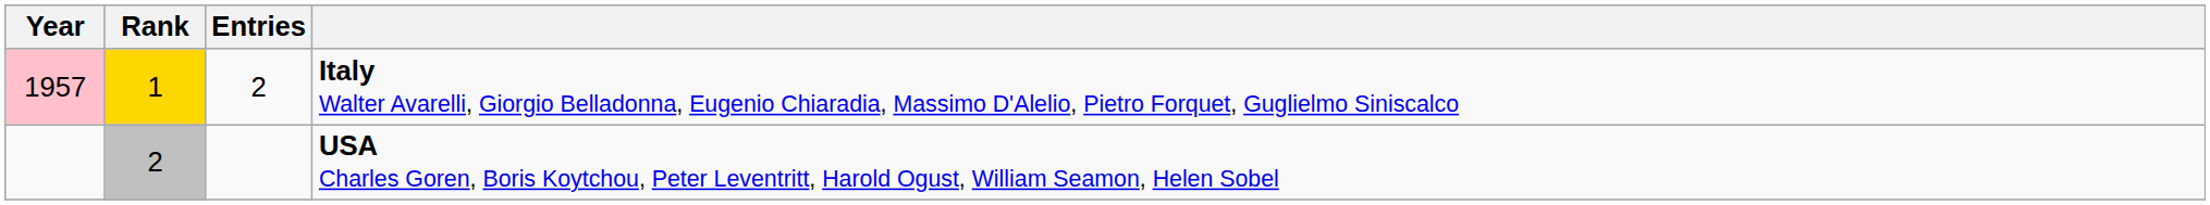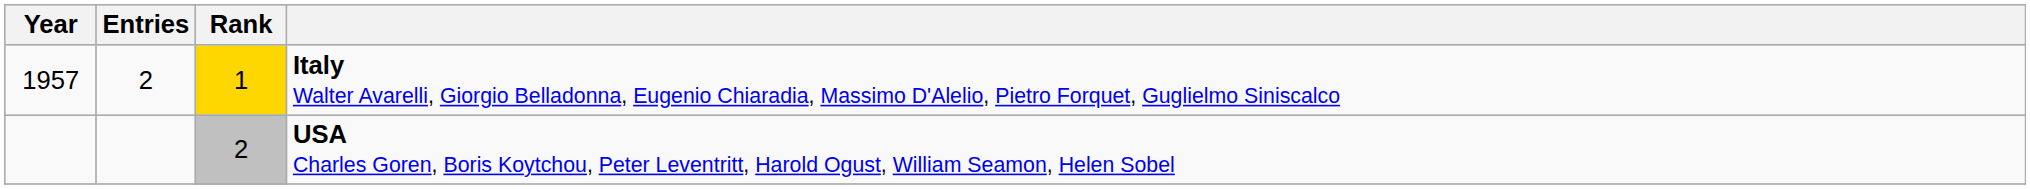 <table class="wikitable" style="width:100%; text-align:center;">
 <tr>
 <th>Year</th>
+<th>Entries</th>
 <th>Rank</th>
-<th>Entries</th>
 <th></th>
 </tr>
 <tr>
-<td width=50 style="background: pink;">1957</td>
+<td width=50>1957</td>
+<td align=center width=50>2</td>
 <td style="background:gold; width:50px;">1</td>
-<td align=center width=50>2</td>
 <td align=left> <strong>Italy</strong><br><small><a href='#'>Walter Avarelli</a>, <a href='#'>Giorgio Belladonna</a>, <a href='#'>Eugenio Chiaradia</a>, <a href='#'>Massimo D'Alelio</a>, <a href='#'>Pietro Forquet</a>, <a href='#'>Guglielmo Siniscalco</a></small></td>
 </tr>
 <tr>
 <td></td>
+<td></td>
 <td style="background:silver;">2</td>
-<td></td>
 <td align=left> <strong>USA</strong><br><small><a href='#'>Charles Goren</a>, <a href='#'>Boris Koytchou</a>, <a href='#'>Peter Leventritt</a>, <a href='#'>Harold Ogust</a>, <a href='#'>William Seamon</a>, <a href='#'>Helen Sobel</a></small></td>
 </tr>
 </table>
